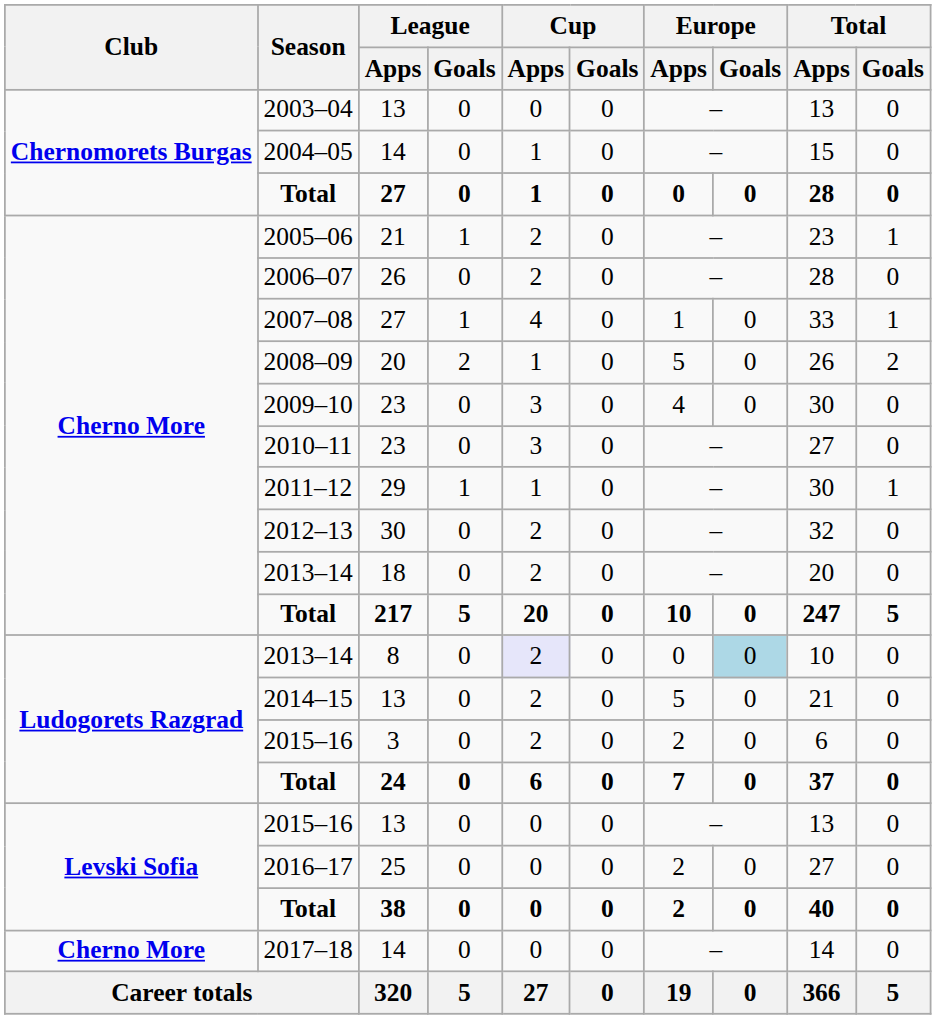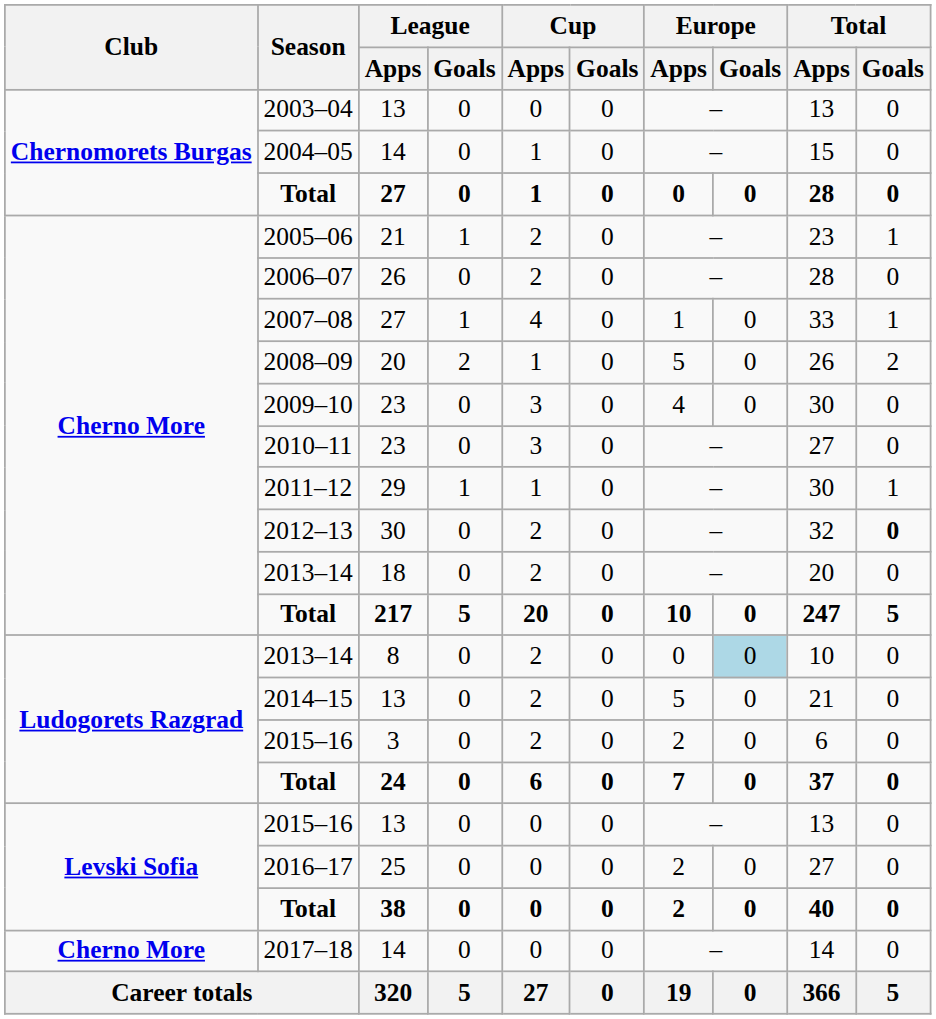 <table class="wikitable" style="font-size:90%; text-align: center;">
 <tr>
 <th rowspan="2">Club</th>
 <th rowspan="2">Season</th>
 <th colspan="2">League</th>
 <th colspan="2">Cup</th>
 <th colspan="2">Europe</th>
 <th colspan="2">Total</th>
 </tr>
 <tr>
 <th>Apps</th>
 <th>Goals</th>
 <th>Apps</th>
 <th>Goals</th>
 <th>Apps</th>
 <th>Goals</th>
 <th>Apps</th>
 <th>Goals</th>
 </tr>
 <tr>
 <td rowspan="3" valign="center"><strong><a href='#'>Chernomorets Burgas</a></strong></td>
 <td>2003–04</td>
 <td>13</td>
 <td>0</td>
 <td>0</td>
 <td>0</td>
 <td colspan=2>–</td>
 <td>13</td>
 <td>0</td>
 </tr>
 <tr>
 <td>2004–05</td>
 <td>14</td>
 <td>0</td>
 <td>1</td>
 <td>0</td>
 <td colspan=2>–</td>
 <td>15</td>
 <td>0</td>
 </tr>
 <tr>
 <td><strong>Total</strong></td>
 <td><strong>27</strong></td>
 <td><strong>0</strong></td>
 <td><strong>1</strong></td>
 <td><strong>0</strong></td>
 <td><strong>0</strong></td>
 <td><strong>0</strong></td>
 <td><strong>28</strong></td>
 <td><strong>0</strong></td>
 </tr>
 <tr>
 <td rowspan="10" valign="center"><strong><a href='#'>Cherno More</a></strong></td>
 <td>2005–06</td>
 <td>21</td>
 <td>1</td>
 <td>2</td>
 <td>0</td>
 <td colspan=2>–</td>
 <td>23</td>
 <td>1</td>
 </tr>
 <tr>
 <td>2006–07</td>
 <td>26</td>
 <td>0</td>
 <td>2</td>
 <td>0</td>
 <td colspan=2>–</td>
 <td>28</td>
 <td>0</td>
 </tr>
 <tr>
 <td>2007–08</td>
 <td>27</td>
 <td>1</td>
 <td>4</td>
 <td>0</td>
 <td>1</td>
 <td>0</td>
 <td>33</td>
 <td>1</td>
 </tr>
 <tr>
 <td>2008–09</td>
 <td>20</td>
 <td>2</td>
 <td>1</td>
 <td>0</td>
 <td>5</td>
 <td>0</td>
 <td>26</td>
 <td>2</td>
 </tr>
 <tr>
 <td>2009–10</td>
 <td>23</td>
 <td>0</td>
 <td>3</td>
 <td>0</td>
 <td>4</td>
 <td>0</td>
 <td>30</td>
 <td>0</td>
 </tr>
 <tr>
 <td>2010–11</td>
 <td>23</td>
 <td>0</td>
 <td>3</td>
 <td>0</td>
 <td colspan=2>–</td>
 <td>27</td>
 <td>0</td>
 </tr>
 <tr>
 <td>2011–12</td>
 <td>29</td>
 <td>1</td>
 <td>1</td>
 <td>0</td>
 <td colspan=2>–</td>
 <td>30</td>
 <td>1</td>
 </tr>
 <tr>
 <td>2012–13</td>
 <td>30</td>
 <td>0</td>
 <td>2</td>
 <td>0</td>
 <td colspan=2>–</td>
 <td>32</td>
-<td>0</td>
+<td><strong>0</strong></td>
 </tr>
 <tr>
 <td>2013–14</td>
 <td>18</td>
 <td>0</td>
 <td>2</td>
 <td>0</td>
 <td colspan=2>–</td>
 <td>20</td>
 <td>0</td>
 </tr>
 <tr>
 <td><strong>Total</strong></td>
 <td><strong>217</strong></td>
 <td><strong>5</strong></td>
 <td><strong>20</strong></td>
 <td><strong>0</strong></td>
 <td><strong>10</strong></td>
 <td><strong>0</strong></td>
 <td><strong>247</strong></td>
 <td><strong>5</strong></td>
 </tr>
 <tr>
 <td rowspan="4" valign="center"><strong><a href='#'>Ludogorets Razgrad</a></strong></td>
 <td>2013–14</td>
 <td>8</td>
 <td>0</td>
-<td style="background: lavender;">2</td>
+<td>2</td>
 <td>0</td>
 <td>0</td>
 <td style="background: lightblue;">0</td>
 <td>10</td>
 <td>0</td>
 </tr>
 <tr>
 <td>2014–15</td>
 <td>13</td>
 <td>0</td>
 <td>2</td>
 <td>0</td>
 <td>5</td>
 <td>0</td>
 <td>21</td>
 <td>0</td>
 </tr>
 <tr>
 <td>2015–16</td>
 <td>3</td>
 <td>0</td>
 <td>2</td>
 <td>0</td>
 <td>2</td>
 <td>0</td>
 <td>6</td>
 <td>0</td>
 </tr>
 <tr>
 <td><strong>Total</strong></td>
 <td><strong>24</strong></td>
 <td><strong>0</strong></td>
 <td><strong>6</strong></td>
 <td><strong>0</strong></td>
 <td><strong>7</strong></td>
 <td><strong>0</strong></td>
 <td><strong>37</strong></td>
 <td><strong>0</strong></td>
 </tr>
 <tr>
 <td rowspan="3" valign="center"><strong><a href='#'>Levski Sofia</a></strong></td>
 <td>2015–16</td>
 <td>13</td>
 <td>0</td>
 <td>0</td>
 <td>0</td>
 <td colspan=2>–</td>
 <td>13</td>
 <td>0</td>
 </tr>
 <tr>
 <td>2016–17</td>
 <td>25</td>
 <td>0</td>
 <td>0</td>
 <td>0</td>
 <td>2</td>
 <td>0</td>
 <td>27</td>
 <td>0</td>
 </tr>
 <tr>
 <td><strong>Total</strong></td>
 <td><strong>38</strong></td>
 <td><strong>0</strong></td>
 <td><strong>0</strong></td>
 <td><strong>0</strong></td>
 <td><strong>2</strong></td>
 <td><strong>0</strong></td>
 <td><strong>40</strong></td>
 <td><strong>0</strong></td>
 </tr>
 <tr>
 <td valign="center"><strong><a href='#'>Cherno More</a></strong></td>
 <td>2017–18</td>
 <td>14</td>
 <td>0</td>
 <td>0</td>
 <td>0</td>
 <td colspan=2>–</td>
 <td>14</td>
 <td>0</td>
 </tr>
 <tr>
 <th colspan="2">Career totals</th>
 <th>320</th>
 <th>5</th>
 <th>27</th>
 <th>0</th>
 <th>19</th>
 <th>0</th>
 <th>366</th>
 <th>5</th>
 </tr>
 </table>
